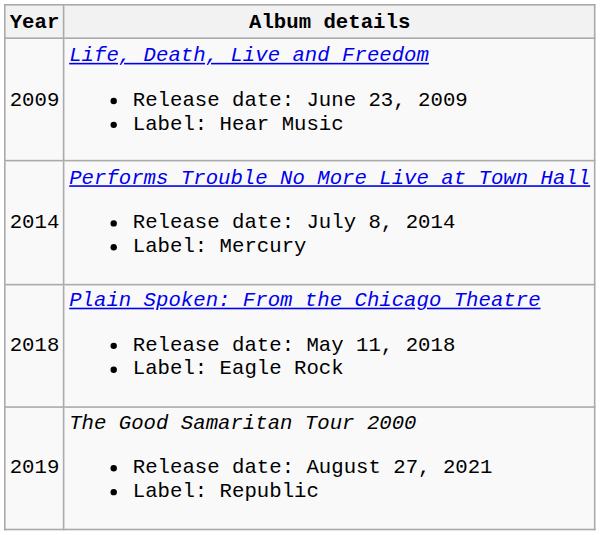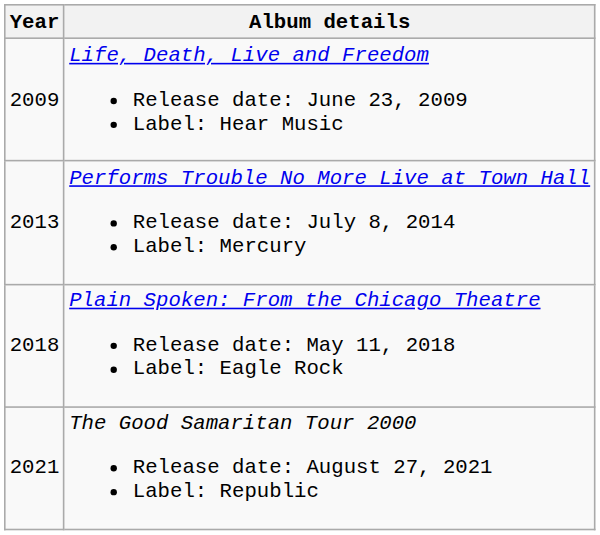 <table class="wikitable">
 <tr>
 <th>Year</th>
 <th>Album details</th>
 </tr>
 <tr>
 <td>2009</td>
 <td><em><a href='#'>Life, Death, Live and Freedom</a></em><br><ul><li>Release date: June 23, 2009</li><li>Label: Hear Music</li></ul></td>
 </tr>
 <tr>
-<td>2014</td>
+<td>2013</td>
 <td><em><a href='#'>Performs Trouble No More Live at Town Hall</a></em><br><ul><li>Release date: July 8, 2014</li><li>Label: Mercury</li></ul></td>
 </tr>
 <tr>
 <td>2018</td>
 <td><em><a href='#'>Plain Spoken: From the Chicago Theatre</a></em><br><ul><li>Release date: May 11, 2018</li><li>Label: Eagle Rock</li></ul></td>
 </tr>
 <tr>
-<td>2019</td>
+<td>2021</td>
 <td><em>The Good Samaritan Tour 2000</em><br><ul><li>Release date: August 27, 2021</li><li>Label: Republic</li></ul></td>
 </tr>
 </table>
